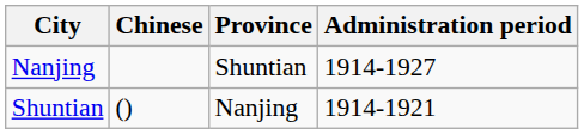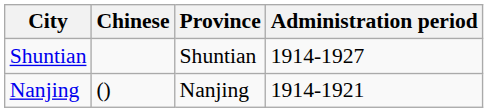 <table class="wikitable sortable">
 <tr>
 <th>City</th>
 <th>Chinese</th>
 <th>Province</th>
 <th>Administration period</th>
 </tr>
 <tr>
-<td><a href='#'>Nanjing</a></td>
+<td><a href='#'>Shuntian</a></td>
 <td></td>
 <td valign=top>Shuntian</td>
 <td>1914-1927</td>
 </tr>
 <tr>
-<td><a href='#'>Shuntian</a></td>
+<td><a href='#'>Nanjing</a></td>
 <td> ()</td>
 <td valign=top>Nanjing</td>
 <td>1914-1921</td>
 </tr>
 </table>
